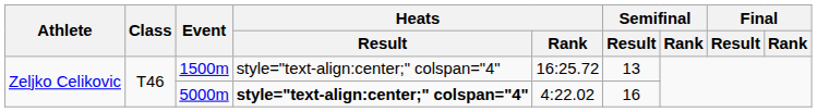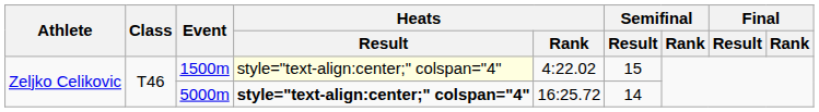 <table class=wikitable style="font-size:90%">
 <tr>
 <th rowspan="2">Athlete</th>
 <th rowspan="2">Class</th>
 <th rowspan="2">Event</th>
 <th colspan="2">Heats</th>
 <th colspan="2">Semifinal</th>
 <th colspan="2">Final</th>
 </tr>
 <tr>
 <th>Result</th>
 <th>Rank</th>
 <th>Result</th>
 <th>Rank</th>
 <th>Result</th>
 <th>Rank</th>
 </tr>
 <tr>
 <td rowspan="2"><a href='#'>Zeljko Celikovic</a></td>
 <td rowspan="2" style="text-align:center;">T46</td>
 <td><a href='#'>1500m</a></td>
-<td>style="text-align:center;" colspan="4" </td>
-<td style="text-align:center;">16:25.72</td>
-<td style="text-align:center;">13</td>
+<td style="background: lightyellow;">style="text-align:center;" colspan="4" </td>
+<td style="text-align:center;">4:22.02</td>
+<td style="text-align:center;">15</td>
 </tr>
 <tr>
 <td><a href='#'>5000m</a></td>
 <td><strong>style="text-align:center;" colspan="4" </strong></td>
-<td style="text-align:center;">4:22.02</td>
-<td style="text-align:center;">16</td>
+<td style="text-align:center;">16:25.72</td>
+<td style="text-align:center;">14</td>
 </tr>
 </table>
